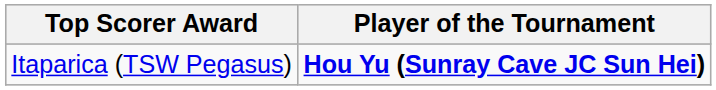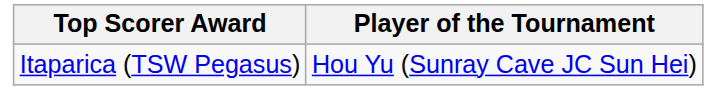 <table class="wikitable" style="margin: 0 auto;">
 <tr>
 <th>Top Scorer Award</th>
 <th>Player of the Tournament</th>
 </tr>
 <tr>
 <td> <a href='#'>Itaparica</a> (<a href='#'>TSW Pegasus</a>)</td>
-<td><strong> <a href='#'>Hou Yu</a> (<a href='#'>Sunray Cave JC Sun Hei</a>)</strong></td>
+<td> <a href='#'>Hou Yu</a> (<a href='#'>Sunray Cave JC Sun Hei</a>)</td>
 </tr>
 </table>
